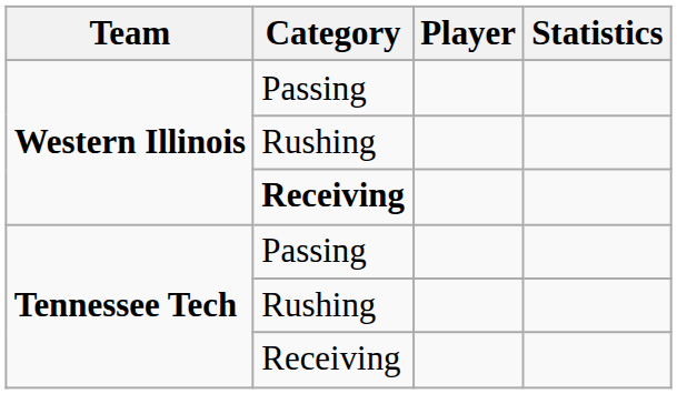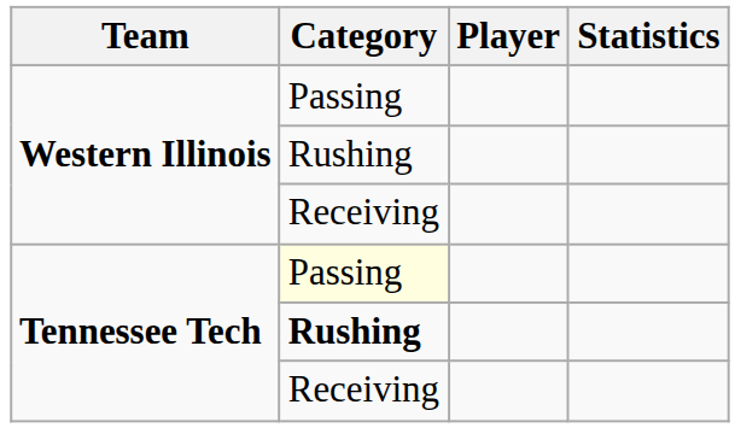 <table class="wikitable" style="float: right;">
 <tr>
 <th>Team</th>
 <th>Category</th>
 <th>Player</th>
 <th>Statistics</th>
 </tr>
 <tr>
 <td rowspan=3><strong>Western Illinois</strong></td>
 <td>Passing</td>
 <td></td>
 <td></td>
 </tr>
 <tr>
 <td>Rushing</td>
 <td></td>
 <td></td>
 </tr>
 <tr>
-<td><strong>Receiving</strong></td>
+<td>Receiving</td>
 <td></td>
 <td></td>
 </tr>
 <tr>
 <td rowspan=3><strong>Tennessee Tech</strong></td>
-<td>Passing</td>
+<td style="background: lightyellow;">Passing</td>
 <td></td>
 <td></td>
 </tr>
 <tr>
-<td>Rushing</td>
+<td><strong>Rushing</strong></td>
 <td></td>
 <td></td>
 </tr>
 <tr>
 <td>Receiving</td>
 <td></td>
 <td></td>
 </tr>
 </table>
